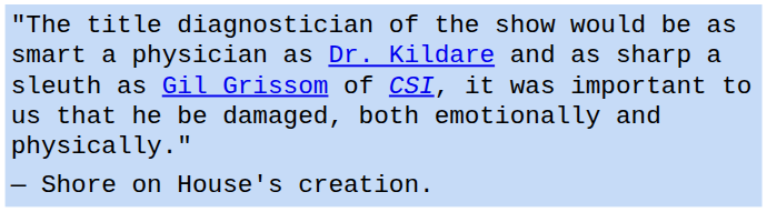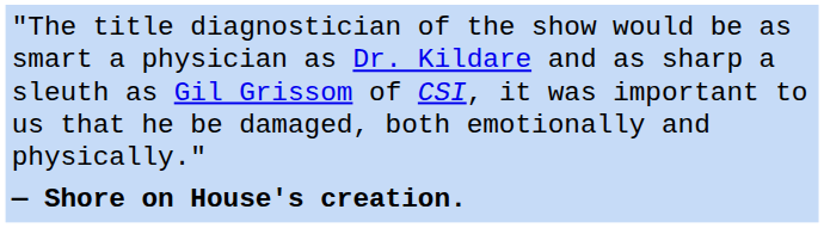 <table class="toccolours" style="float: right; margin-left: 1em; margin-right: 2em; font-size: 90%; background:#c6dbf7; color:black; width:30em; max-width: 40%;">
 <tr>
 <td style="text-align: left;">"The title diagnostician of the show would be as smart a physician as <a href='#'>Dr. Kildare</a> and as sharp a sleuth as <a href='#'>Gil Grissom</a> of <em><a href='#'>CSI</a></em>, it was important to us that he be damaged, both emotionally and physically."</td>
 </tr>
 <tr>
-<td style="text-align: left;">— Shore on House's creation.</td>
+<td style="text-align: left;"><strong>— Shore on House's creation.</strong></td>
 </tr>
 </table>
